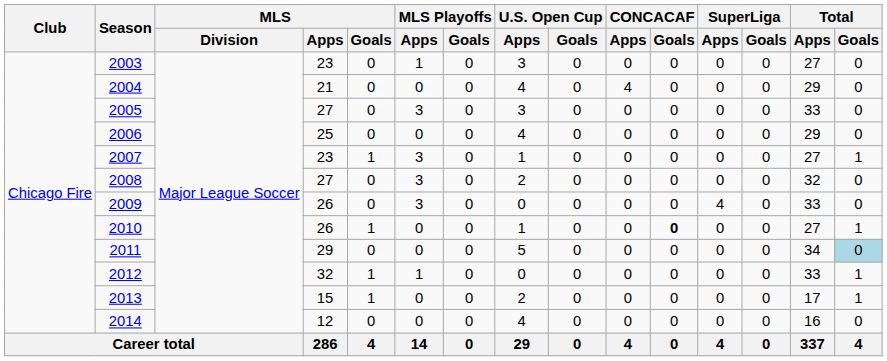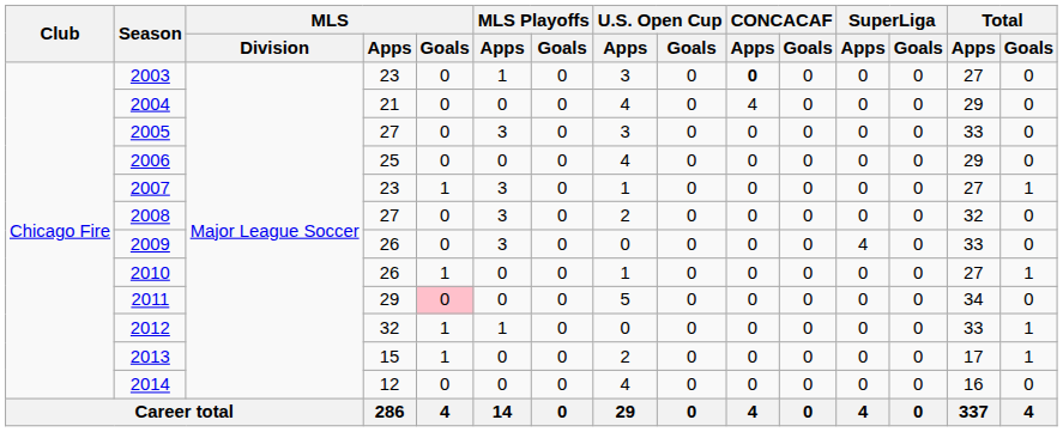 <table class="wikitable" style="text-align: center; font-size:90%;">
 <tr>
 <th rowspan="2">Club</th>
 <th rowspan="2">Season</th>
 <th colspan="3">MLS</th>
 <th colspan="2">MLS Playoffs</th>
 <th colspan="2">U.S. Open Cup</th>
 <th colspan="2">CONCACAF</th>
 <th colspan="2">SuperLiga</th>
 <th colspan="2">Total</th>
 </tr>
 <tr>
 <th>Division</th>
 <th>Apps</th>
 <th>Goals</th>
 <th>Apps</th>
 <th>Goals</th>
 <th>Apps</th>
 <th>Goals</th>
 <th>Apps</th>
 <th>Goals</th>
 <th>Apps</th>
 <th>Goals</th>
 <th>Apps</th>
 <th>Goals</th>
 </tr>
 <tr>
 <td rowspan="12" align="left"><a href='#'>Chicago Fire</a></td>
 <td><a href='#'>2003</a></td>
 <td rowspan="12"><a href='#'>Major League Soccer</a></td>
 <td>23</td>
 <td>0</td>
 <td>1</td>
 <td>0</td>
 <td>3</td>
 <td>0</td>
-<td>0</td>
+<td><strong>0</strong></td>
 <td>0</td>
 <td>0</td>
 <td>0</td>
 <td>27</td>
 <td>0</td>
 </tr>
 <tr>
 <td><a href='#'>2004</a></td>
 <td>21</td>
 <td>0</td>
 <td>0</td>
 <td>0</td>
 <td>4</td>
 <td>0</td>
 <td>4</td>
 <td>0</td>
 <td>0</td>
 <td>0</td>
 <td>29</td>
 <td>0</td>
 </tr>
 <tr>
 <td><a href='#'>2005</a></td>
 <td>27</td>
 <td>0</td>
 <td>3</td>
 <td>0</td>
 <td>3</td>
 <td>0</td>
 <td>0</td>
 <td>0</td>
 <td>0</td>
 <td>0</td>
 <td>33</td>
 <td>0</td>
 </tr>
 <tr>
 <td><a href='#'>2006</a></td>
 <td>25</td>
 <td>0</td>
 <td>0</td>
 <td>0</td>
 <td>4</td>
 <td>0</td>
 <td>0</td>
 <td>0</td>
 <td>0</td>
 <td>0</td>
 <td>29</td>
 <td>0</td>
 </tr>
 <tr>
 <td><a href='#'>2007</a></td>
 <td>23</td>
 <td>1</td>
 <td>3</td>
 <td>0</td>
 <td>1</td>
 <td>0</td>
 <td>0</td>
 <td>0</td>
 <td>0</td>
 <td>0</td>
 <td>27</td>
 <td>1</td>
 </tr>
 <tr>
 <td><a href='#'>2008</a></td>
 <td>27</td>
 <td>0</td>
 <td>3</td>
 <td>0</td>
 <td>2</td>
 <td>0</td>
 <td>0</td>
 <td>0</td>
 <td>0</td>
 <td>0</td>
 <td>32</td>
 <td>0</td>
 </tr>
 <tr>
 <td><a href='#'>2009</a></td>
 <td>26</td>
 <td>0</td>
 <td>3</td>
 <td>0</td>
 <td>0</td>
 <td>0</td>
 <td>0</td>
 <td>0</td>
 <td>4</td>
 <td>0</td>
 <td>33</td>
 <td>0</td>
 </tr>
 <tr>
 <td><a href='#'>2010</a></td>
 <td>26</td>
 <td>1</td>
 <td>0</td>
 <td>0</td>
 <td>1</td>
 <td>0</td>
 <td>0</td>
-<td><strong>0</strong></td>
+<td>0</td>
 <td>0</td>
 <td>0</td>
 <td>27</td>
 <td>1</td>
 </tr>
 <tr>
 <td><a href='#'>2011</a></td>
 <td>29</td>
-<td>0</td>
+<td style="background: pink;">0</td>
 <td>0</td>
 <td>0</td>
 <td>5</td>
 <td>0</td>
 <td>0</td>
 <td>0</td>
 <td>0</td>
 <td>0</td>
 <td>34</td>
-<td style="background: lightblue;">0</td>
+<td>0</td>
 </tr>
 <tr>
 <td><a href='#'>2012</a></td>
 <td>32</td>
 <td>1</td>
 <td>1</td>
 <td>0</td>
 <td>0</td>
 <td>0</td>
 <td>0</td>
 <td>0</td>
 <td>0</td>
 <td>0</td>
 <td>33</td>
 <td>1</td>
 </tr>
 <tr>
 <td><a href='#'>2013</a></td>
 <td>15</td>
 <td>1</td>
 <td>0</td>
 <td>0</td>
 <td>2</td>
 <td>0</td>
 <td>0</td>
 <td>0</td>
 <td>0</td>
 <td>0</td>
 <td>17</td>
 <td>1</td>
 </tr>
 <tr>
 <td><a href='#'>2014</a></td>
 <td>12</td>
 <td>0</td>
 <td>0</td>
 <td>0</td>
 <td>4</td>
 <td>0</td>
 <td>0</td>
 <td>0</td>
 <td>0</td>
 <td>0</td>
 <td>16</td>
 <td>0</td>
 </tr>
 <tr>
 <th colspan=3>Career total</th>
 <th>286</th>
 <th>4</th>
 <th>14</th>
 <th>0</th>
 <th>29</th>
 <th>0</th>
 <th>4</th>
 <th>0</th>
 <th>4</th>
 <th>0</th>
 <th>337</th>
 <th>4</th>
 </tr>
 </table>
